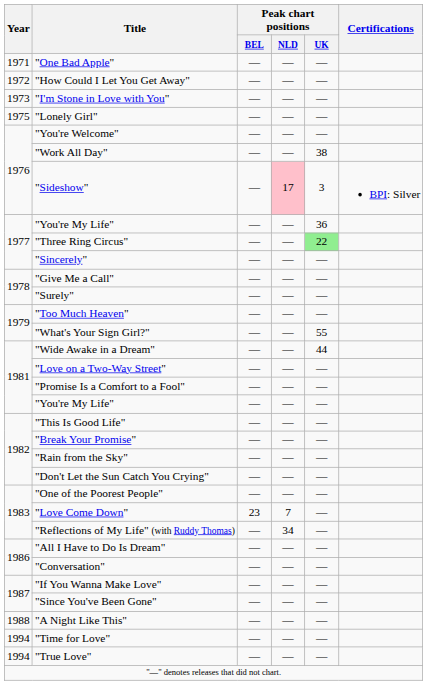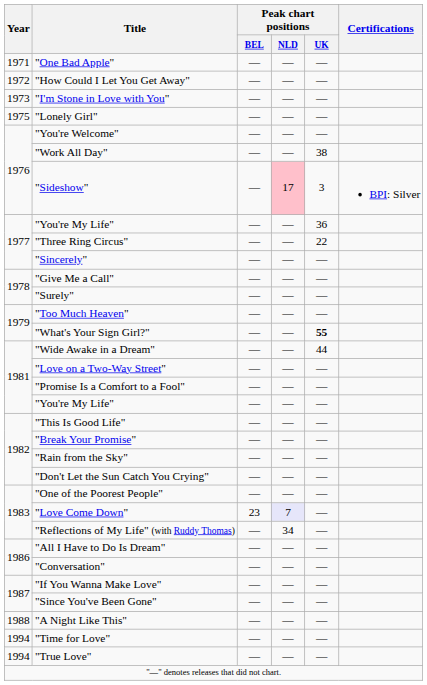 <table class="wikitable">
 <tr>
 <th scope="col" rowspan="2">Year</th>
 <th scope="col" rowspan="2">Title</th>
 <th scope="col" colspan="3">Peak chart positions</th>
 <th scope="col" rowspan="2"><a href='#'>Certifications</a></th>
 </tr>
 <tr>
 <th style="width:40px;"><small><a href='#'>BEL</a></small><br></th>
 <th style="width:40px;"><small><a href='#'>NLD</a></small><br></th>
 <th style="width:40px;"><small><a href='#'>UK</a></small><br></th>
 </tr>
 <tr>
 <td rowspan="1">1971</td>
 <td>"<a href='#'>One Bad Apple</a>"</td>
 <td align=center>―</td>
 <td align=center>―</td>
 <td align=center>―</td>
 <td></td>
 </tr>
 <tr>
 <td rowspan="1">1972</td>
 <td>"How Could I Let You Get Away"</td>
 <td align=center>―</td>
 <td align=center>―</td>
 <td align=center>―</td>
 <td></td>
 </tr>
 <tr>
 <td rowspan="1">1973</td>
 <td>"<a href='#'>I'm Stone in Love with You</a>"</td>
 <td align=center>―</td>
 <td align=center>―</td>
 <td align=center>―</td>
 <td></td>
 </tr>
 <tr>
 <td rowspan="1">1975</td>
 <td>"Lonely Girl"</td>
 <td align=center>―</td>
 <td align=center>―</td>
 <td align=center>―</td>
 <td></td>
 </tr>
 <tr>
 <td rowspan="3">1976</td>
 <td>"You're Welcome"</td>
 <td align=center>―</td>
 <td align=center>―</td>
 <td align=center>―</td>
 <td></td>
 </tr>
 <tr>
 <td>"Work All Day"</td>
 <td align=center>―</td>
 <td align=center>―</td>
 <td align=center>38</td>
 <td></td>
 </tr>
 <tr>
 <td>"<a href='#'>Sideshow</a>"</td>
 <td align=center>―</td>
 <td align=center style="background: pink;">17</td>
 <td align=center>3</td>
 <td><br><ul><li><a href='#'>BPI</a>: Silver</li></ul></td>
 </tr>
 <tr>
 <td rowspan="3">1977</td>
 <td>"You're My Life"</td>
 <td align=center>―</td>
 <td align=center>―</td>
 <td align=center>36</td>
 <td></td>
 </tr>
 <tr>
 <td>"Three Ring Circus"</td>
 <td align=center>―</td>
 <td align=center>―</td>
-<td align=center style="background: lightgreen;">22</td>
+<td align=center>22</td>
 <td></td>
 </tr>
 <tr>
 <td>"<a href='#'>Sincerely</a>"</td>
 <td align=center>―</td>
 <td align=center>―</td>
 <td align=center>―</td>
 <td></td>
 </tr>
 <tr>
 <td rowspan="2">1978</td>
 <td>"Give Me a Call"</td>
 <td align=center>―</td>
 <td align=center>―</td>
 <td align=center>―</td>
 <td></td>
 </tr>
 <tr>
 <td>"Surely"</td>
 <td align=center>―</td>
 <td align=center>―</td>
 <td align=center>―</td>
 <td></td>
 </tr>
 <tr>
 <td rowspan="2">1979</td>
 <td>"<a href='#'>Too Much Heaven</a>"</td>
 <td align=center>―</td>
 <td align=center>―</td>
 <td align=center>―</td>
 <td></td>
 </tr>
 <tr>
 <td>"What's Your Sign Girl?"</td>
 <td align=center>―</td>
 <td align=center>―</td>
-<td align=center>55</td>
+<td align=center><strong>55</strong></td>
 <td></td>
 </tr>
 <tr>
 <td rowspan="4">1981</td>
 <td>"Wide Awake in a Dream"</td>
 <td align=center>―</td>
 <td align=center>―</td>
 <td align=center>44</td>
 <td></td>
 </tr>
 <tr>
 <td>"<a href='#'>Love on a Two-Way Street</a>"</td>
 <td align=center>―</td>
 <td align=center>―</td>
 <td align=center>―</td>
 <td></td>
 </tr>
 <tr>
 <td>"Promise Is a Comfort to a Fool"</td>
 <td align=center>―</td>
 <td align=center>―</td>
 <td align=center>―</td>
 <td></td>
 </tr>
 <tr>
 <td>"You're My Life"</td>
 <td align=center>―</td>
 <td align=center>―</td>
 <td align=center>―</td>
 <td></td>
 </tr>
 <tr>
 <td rowspan="4">1982</td>
 <td>"This Is Good Life"</td>
 <td align=center>―</td>
 <td align=center>―</td>
 <td align=center>―</td>
 <td></td>
 </tr>
 <tr>
 <td>"<a href='#'>Break Your Promise</a>"</td>
 <td align=center>―</td>
 <td align=center>―</td>
 <td align=center>―</td>
 <td></td>
 </tr>
 <tr>
 <td>"Rain from the Sky"</td>
 <td align=center>―</td>
 <td align=center>―</td>
 <td align=center>―</td>
 <td></td>
 </tr>
 <tr>
 <td>"Don't Let the Sun Catch You Crying"</td>
 <td align=center>―</td>
 <td align=center>―</td>
 <td align=center>―</td>
 <td></td>
 </tr>
 <tr>
 <td rowspan="3">1983</td>
 <td>"One of the Poorest People"</td>
 <td align=center>―</td>
 <td align=center>―</td>
 <td align=center>―</td>
 <td></td>
 </tr>
 <tr>
 <td>"<a href='#'>Love Come Down</a>"</td>
 <td align=center>23</td>
-<td align=center>7</td>
+<td align=center style="background: lavender;">7</td>
 <td align=center>―</td>
 <td></td>
 </tr>
 <tr>
 <td>"Reflections of My Life" <small>(with <a href='#'>Ruddy Thomas</a>)</small></td>
 <td align=center>―</td>
 <td align=center>34</td>
 <td align=center>―</td>
 <td></td>
 </tr>
 <tr>
 <td rowspan="2">1986</td>
 <td>"All I Have to Do Is Dream"</td>
 <td align=center>―</td>
 <td align=center>―</td>
 <td align=center>―</td>
 <td></td>
 </tr>
 <tr>
 <td>"Conversation"</td>
 <td align=center>―</td>
 <td align=center>―</td>
 <td align=center>―</td>
 <td></td>
 </tr>
 <tr>
 <td rowspan="2">1987</td>
 <td>"If You Wanna Make Love"</td>
 <td align=center>―</td>
 <td align=center>―</td>
 <td align=center>―</td>
 <td></td>
 </tr>
 <tr>
 <td>"Since You've Been Gone"</td>
 <td align=center>―</td>
 <td align=center>―</td>
 <td align=center>―</td>
 <td></td>
 </tr>
 <tr>
 <td rowspan="1">1988</td>
 <td>"A Night Like This"</td>
 <td align=center>―</td>
 <td align=center>―</td>
 <td align=center>―</td>
 <td></td>
 </tr>
 <tr>
 <td rowspan="1">1994</td>
 <td>"Time for Love"</td>
 <td align=center>―</td>
 <td align=center>―</td>
 <td align=center>―</td>
 <td></td>
 </tr>
 <tr>
 <td rowspan="1">1994</td>
 <td>"True Love"</td>
 <td align=center>―</td>
 <td align=center>―</td>
 <td align=center>―</td>
 <td></td>
 </tr>
 <tr>
 <td colspan="6" style="text-align:center; font-size:9pt;">"—" denotes releases that did not chart.</td>
 </tr>
 </table>
